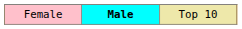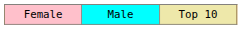 <table border="2" cellpadding="4" style="background:orange; border:1px solid gray; border-collapse:collapse; margin:0 1em 1em 0; text-align:center;">
 <tr>
 </tr>
 <tr>
 <td style="background:pink;" width="20%">Female</td>
-<td style="background:cyan;" width="20%"><strong>Male</strong></td>
+<td style="background:cyan;" width="20%">Male</td>
 <td style="background:palegoldenrod;" width="20%">Top 10</td>
 </tr>
 </table>
